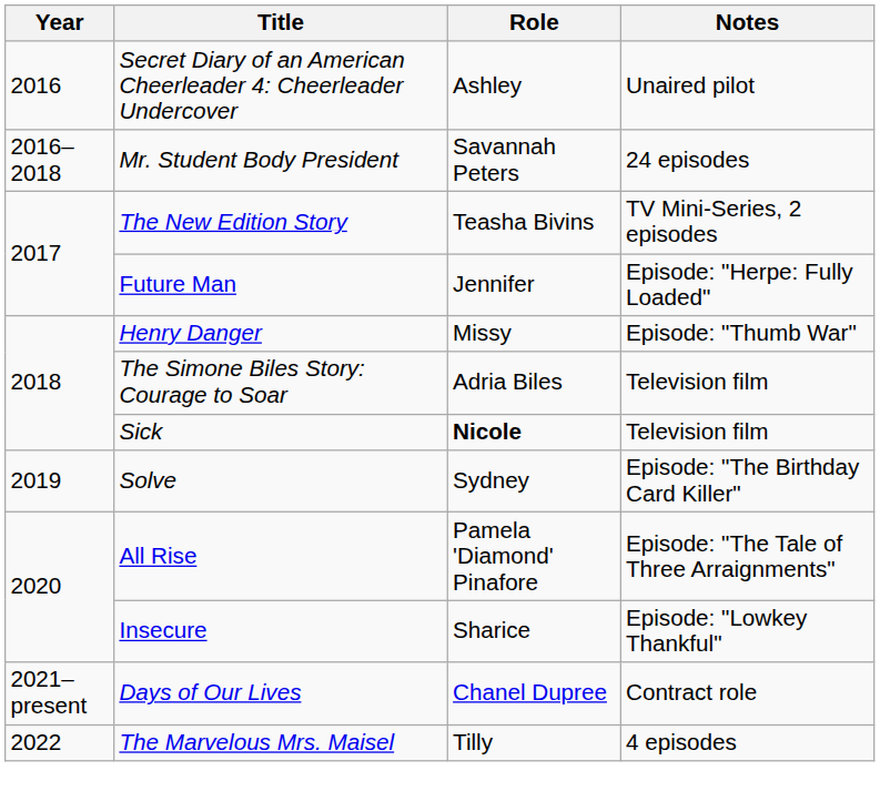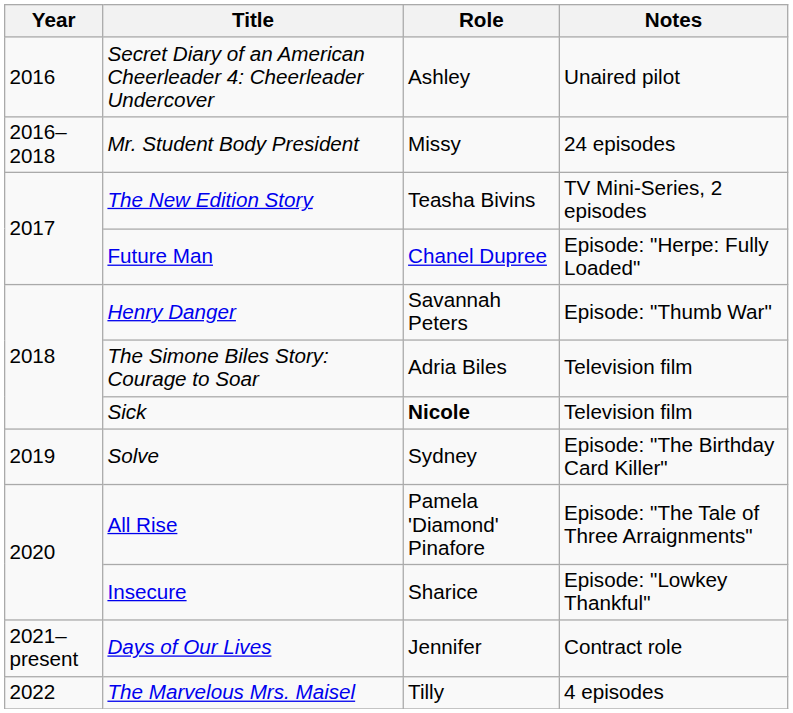 <table class="wikitable">
 <tr>
 <th>Year</th>
 <th>Title</th>
 <th>Role</th>
 <th>Notes</th>
 </tr>
 <tr>
 <td>2016</td>
 <td><em>Secret Diary of an American Cheerleader 4: Cheerleader Undercover</em></td>
 <td>Ashley</td>
 <td>Unaired pilot</td>
 </tr>
 <tr>
 <td>2016–2018</td>
 <td><em>Mr. Student Body President</em></td>
-<td>Savannah Peters</td>
+<td>Missy</td>
 <td>24 episodes</td>
 </tr>
 <tr>
 <td rowspan="2">2017</td>
 <td><em><a href='#'>The New Edition Story</a></em></td>
 <td>Teasha Bivins</td>
 <td>TV Mini-Series, 2 episodes</td>
 </tr>
 <tr>
 <td><em><a href='#'></em>Future Man<em></a></em></td>
-<td>Jennifer</td>
+<td><a href='#'>Chanel Dupree</a></td>
 <td>Episode: "Herpe: Fully Loaded"</td>
 </tr>
 <tr>
 <td rowspan="3">2018</td>
 <td><em><a href='#'>Henry Danger</a></em></td>
-<td>Missy</td>
+<td>Savannah Peters</td>
 <td>Episode: "Thumb War"</td>
 </tr>
 <tr>
 <td><em>The Simone Biles Story: Courage to Soar</em></td>
 <td>Adria Biles</td>
 <td>Television film</td>
 </tr>
 <tr>
 <td><em>Sick</em></td>
 <td><strong>Nicole</strong></td>
 <td>Television film</td>
 </tr>
 <tr>
 <td>2019</td>
 <td><em>Solve</em></td>
 <td>Sydney</td>
 <td>Episode: "The Birthday Card Killer"</td>
 </tr>
 <tr>
 <td rowspan="2">2020</td>
 <td><em><a href='#'></em>All Rise<em></a></em></td>
 <td>Pamela 'Diamond' Pinafore</td>
 <td>Episode: "The Tale of Three Arraignments"</td>
 </tr>
 <tr>
 <td><em><a href='#'></em>Insecure<em></a></em></td>
 <td>Sharice</td>
 <td>Episode: "Lowkey Thankful"</td>
 </tr>
 <tr>
 <td>2021–present</td>
 <td><em><a href='#'>Days of Our Lives</a></em></td>
-<td><a href='#'>Chanel Dupree</a></td>
+<td>Jennifer</td>
 <td>Contract role</td>
 </tr>
 <tr>
 <td>2022</td>
 <td><em><a href='#'>The Marvelous Mrs. Maisel</a></em></td>
 <td>Tilly</td>
 <td>4 episodes</td>
 </tr>
 </table>
